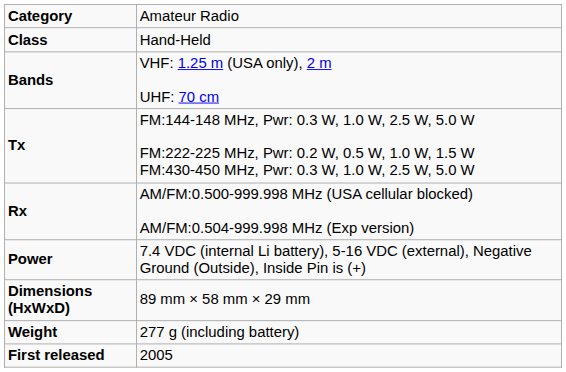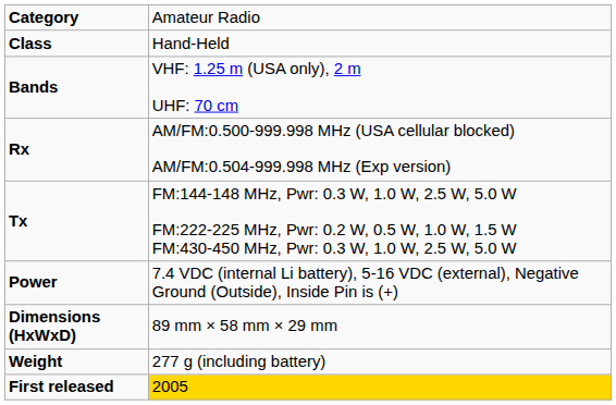 <table class="wikitable" width="600">
 <tr>
 <td><strong>Category</strong></td>
 <td>Amateur Radio</td>
 </tr>
 <tr>
 <td><strong>Class</strong></td>
 <td>Hand-Held</td>
 </tr>
 <tr>
 <td><strong>Bands</strong></td>
 <td>VHF: <a href='#'>1.25 m</a> (USA only), <a href='#'>2 m</a><br><br>UHF: <a href='#'>70 cm</a></td>
 </tr>
 <tr>
+<td><strong>Rx</strong></td>
+<td>AM/FM:0.500-999.998 MHz (USA cellular blocked)<br><br>AM/FM:0.504-999.998 MHz (Exp version)</td>
+</tr>
+<tr>
 <td><strong>Tx</strong></td>
 <td>FM:144-148 MHz, Pwr: 0.3 W, 1.0 W, 2.5 W, 5.0 W<br><br>FM:222-225 MHz, Pwr: 0.2 W, 0.5 W, 1.0 W, 1.5 W<br> FM:430-450 MHz, Pwr: 0.3 W, 1.0 W, 2.5 W, 5.0 W</td>
-</tr>
-<tr>
-<td><strong>Rx</strong></td>
-<td>AM/FM:0.500-999.998 MHz (USA cellular blocked)<br><br>AM/FM:0.504-999.998 MHz (Exp version)</td>
 </tr>
 <tr>
 <td><strong>Power</strong></td>
 <td>7.4 VDC (internal Li battery), 5-16 VDC (external), Negative Ground (Outside), Inside Pin is (+)</td>
 </tr>
 <tr>
 <td><strong>Dimensions (HxWxD)</strong></td>
 <td>89 mm × 58 mm × 29 mm</td>
 </tr>
 <tr>
 <td><strong>Weight</strong></td>
 <td>277 g (including battery)</td>
 </tr>
 <tr>
 <td><strong>First released</strong></td>
-<td>2005</td>
+<td style="background: gold;">2005</td>
 </tr>
 </table>
